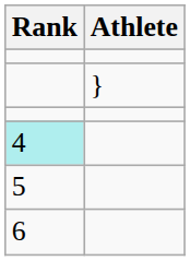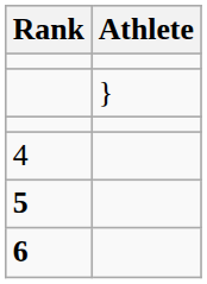 <table class="wikitable" style="text-align:left">
 <tr>
 <th>Rank</th>
 <th>Athlete</th>
 </tr>
 <tr>
 <td></td>
 <td align=left></td>
 </tr>
 <tr>
 <td></td>
 <td align=left>}</td>
 </tr>
 <tr>
 <td></td>
 <td align=left></td>
 </tr>
 <tr>
-<td style="background: paleturquoise;">4</td>
+<td>4</td>
 <td align=left></td>
 </tr>
 <tr>
-<td>5</td>
+<td><strong>5</strong></td>
 <td align=left></td>
 </tr>
 <tr>
-<td>6</td>
+<td><strong>6</strong></td>
 <td align=left></td>
 </tr>
 </table>
